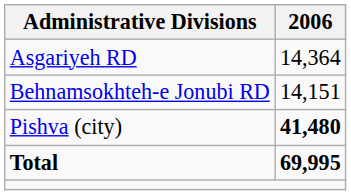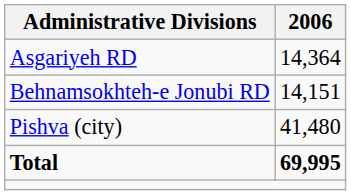 <table class="wikitable">
 <tr>
 <th>Administrative Divisions</th>
 <th>2006</th>
 </tr>
 <tr>
 <td><a href='#'>Asgariyeh RD</a></td>
 <td style="text-align: right;">14,364</td>
 </tr>
 <tr>
 <td><a href='#'>Behnamsokhteh-e Jonubi RD</a></td>
 <td style="text-align: right;">14,151</td>
 </tr>
 <tr>
 <td><a href='#'>Pishva</a> (city)</td>
-<td style="text-align: right;"><strong>41,480</strong></td>
+<td style="text-align: right;">41,480</td>
 </tr>
 <tr>
 <td><strong>Total</strong></td>
 <td style="text-align: right;"><strong>69,995</strong></td>
 </tr>
 <tr>
 <td colspan=2></td>
 </tr>
 </table>
